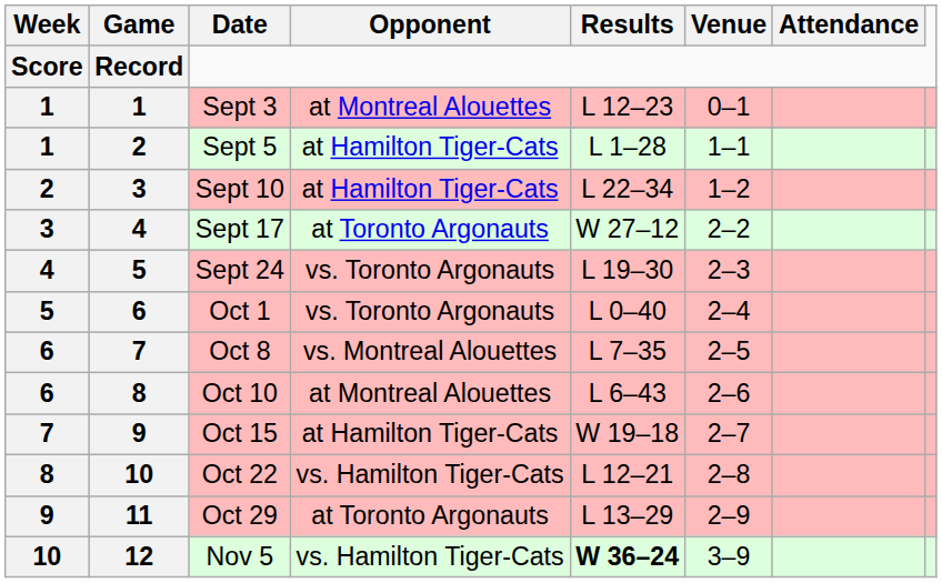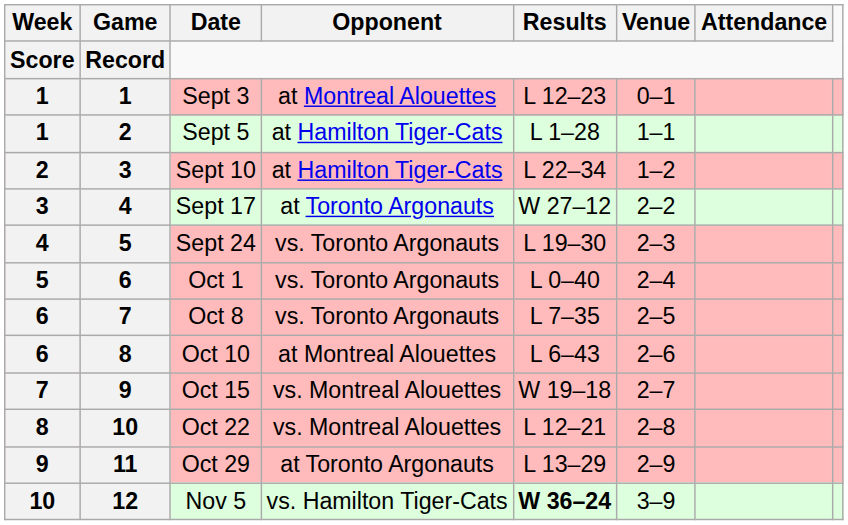 <table class="wikitable" style="text-align:center">
 <tr>
 <th>Week</th>
 <th>Game</th>
 <th>Date</th>
 <th>Opponent</th>
 <th>Results</th>
 <th>Venue</th>
 <th>Attendance</th>
 </tr>
 <tr>
 <th>Score</th>
 <th>Record</th>
 </tr>
 <tr style="background:#ffbbbb">
 <th>1</th>
 <th>1</th>
 <td>Sept 3</td>
 <td>at <a href='#'>Montreal Alouettes</a></td>
 <td>L 12–23</td>
 <td>0–1</td>
 <td></td>
 <td></td>
 </tr>
 <tr style="background:#ddffdd">
 <th>1</th>
 <th>2</th>
 <td>Sept 5</td>
 <td>at <a href='#'>Hamilton Tiger-Cats</a></td>
 <td>L 1–28</td>
 <td>1–1</td>
 <td></td>
 <td></td>
 </tr>
 <tr style="background:#ffbbbb">
 <th>2</th>
 <th>3</th>
 <td>Sept 10</td>
 <td>at <a href='#'>Hamilton Tiger-Cats</a></td>
 <td>L 22–34</td>
 <td>1–2</td>
 <td></td>
 <td></td>
 </tr>
 <tr style="background:#ddffdd">
 <th>3</th>
 <th>4</th>
 <td>Sept 17</td>
 <td>at <a href='#'>Toronto Argonauts</a></td>
 <td>W 27–12</td>
 <td>2–2</td>
 <td></td>
 <td></td>
 </tr>
 <tr style="background:#ffbbbb">
 <th>4</th>
 <th>5</th>
 <td>Sept 24</td>
 <td>vs. Toronto Argonauts</td>
 <td>L 19–30</td>
 <td>2–3</td>
 <td></td>
 <td></td>
 </tr>
 <tr style="background:#ffbbbb">
 <th>5</th>
 <th>6</th>
 <td>Oct 1</td>
 <td>vs. Toronto Argonauts</td>
 <td>L 0–40</td>
 <td>2–4</td>
 <td></td>
 <td></td>
 </tr>
 <tr style="background:#ffbbbb">
 <th>6</th>
 <th>7</th>
 <td>Oct 8</td>
-<td>vs. Montreal Alouettes</td>
+<td>vs. Toronto Argonauts</td>
 <td>L 7–35</td>
 <td>2–5</td>
 <td></td>
 <td></td>
 </tr>
 <tr style="background:#ffbbbb">
 <th>6</th>
 <th>8</th>
 <td>Oct 10</td>
 <td>at Montreal Alouettes</td>
 <td>L 6–43</td>
 <td>2–6</td>
 <td></td>
 <td></td>
 </tr>
 <tr style="background:#ffbbbb">
 <th>7</th>
 <th>9</th>
 <td>Oct 15</td>
-<td>at Hamilton Tiger-Cats</td>
+<td>vs. Montreal Alouettes</td>
 <td>W 19–18</td>
 <td>2–7</td>
 <td></td>
 <td></td>
 </tr>
 <tr style="background:#ffbbbb">
 <th>8</th>
 <th>10</th>
 <td>Oct 22</td>
-<td>vs. Hamilton Tiger-Cats</td>
+<td>vs. Montreal Alouettes</td>
 <td>L 12–21</td>
 <td>2–8</td>
 <td></td>
 <td></td>
 </tr>
 <tr style="background:#ffbbbb">
 <th>9</th>
 <th>11</th>
 <td>Oct 29</td>
 <td>at Toronto Argonauts</td>
 <td>L 13–29</td>
 <td>2–9</td>
 <td></td>
 <td></td>
 </tr>
 <tr style="background:#ddffdd">
 <th>10</th>
 <th>12</th>
 <td>Nov 5</td>
 <td>vs. Hamilton Tiger-Cats</td>
 <td><strong>W 36–24</strong></td>
 <td>3–9</td>
 <td></td>
 <td></td>
 </tr>
 </table>
